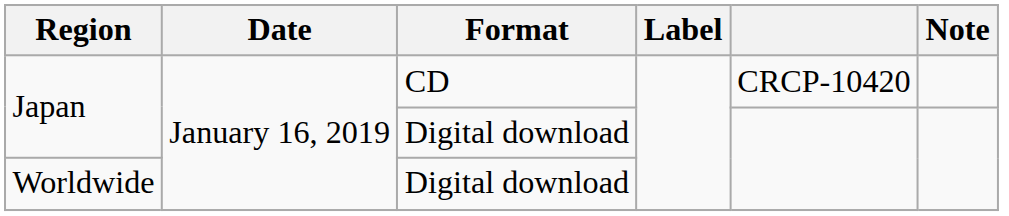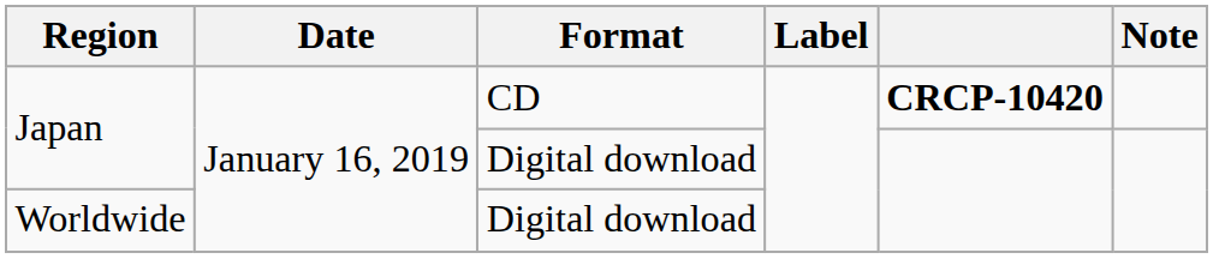 <table class="wikitable plainrowheaders">
 <tr>
 <th scope="col">Region</th>
 <th scope="col">Date</th>
 <th scope="col">Format</th>
 <th scope="col">Label</th>
 <th scope="col"></th>
 <th scope="col">Note</th>
 </tr>
 <tr>
 <td scope="row" rowspan="2">Japan</td>
 <td rowspan="3">January 16, 2019</td>
 <td>CD</td>
 <td rowspan="3"></td>
-<td scope="col">CRCP-10420</td>
+<td scope="col"><strong>CRCP-10420</strong></td>
 <td></td>
 </tr>
 <tr>
 <td>Digital download</td>
 <td rowspan="2"></td>
 <td rowspan="2"></td>
 </tr>
 <tr>
 <td scope="row">Worldwide</td>
 <td>Digital download</td>
 </tr>
 </table>
